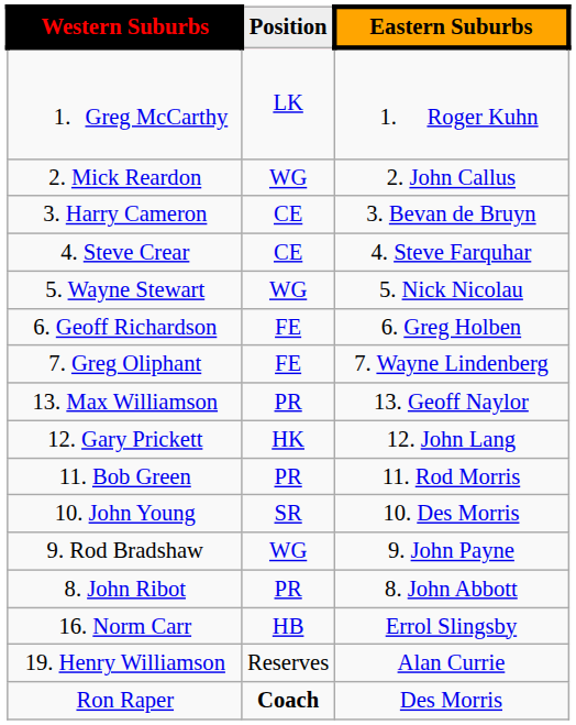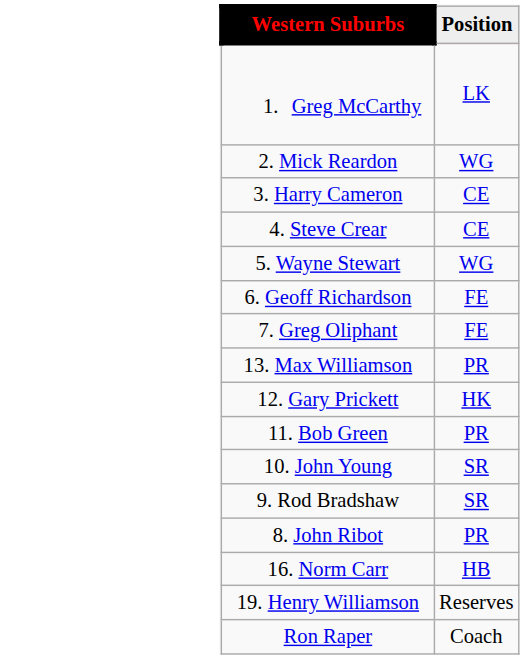 <table class="wikitable" style="float:right; font-size:90%; margin-left:1em;">
 <tr style="background:#f03;">
 <th align="centre" style="width:140px; border:3px solid black; background: black; color: Red">Western Suburbs</th>
 <th style="width:40px; text-align:center; background:#eee; color:black;">Position</th>
-<th align="centre" style="width:140px; border:3px solid black; background: orange; color: black">Eastern Suburbs</th>
 </tr>
 <tr align=center>
 <td><br><ol><li><a href='#'>Greg McCarthy</a></li></ol></td>
 <td><a href='#'>LK</a></td>
-<td><br><ol><li><a href='#'>Roger Kuhn</a></li></ol></td>
 </tr>
 <tr align=center>
 <td>2. <a href='#'>Mick Reardon</a></td>
 <td><a href='#'>WG</a></td>
-<td>2. <a href='#'>John Callus</a></td>
 </tr>
 <tr align=center>
 <td>3. <a href='#'>Harry Cameron</a></td>
 <td><a href='#'>CE</a></td>
-<td>3. <a href='#'>Bevan de Bruyn</a></td>
 </tr>
 <tr align=center>
 <td>4. <a href='#'>Steve Crear</a></td>
 <td><a href='#'>CE</a></td>
-<td>4. <a href='#'>Steve Farquhar</a></td>
 </tr>
 <tr align=center>
 <td>5. <a href='#'>Wayne Stewart</a></td>
 <td><a href='#'>WG</a></td>
-<td>5. <a href='#'>Nick Nicolau</a></td>
 </tr>
 <tr align=center>
 <td>6. <a href='#'>Geoff Richardson</a></td>
 <td><a href='#'>FE</a></td>
-<td>6. <a href='#'>Greg Holben</a></td>
 </tr>
 <tr align=center>
 <td>7. <a href='#'>Greg Oliphant</a></td>
 <td><a href='#'>FE</a></td>
-<td>7. <a href='#'>Wayne Lindenberg</a></td>
 </tr>
 <tr align=center>
 <td>13. <a href='#'>Max Williamson</a></td>
 <td><a href='#'>PR</a></td>
-<td>13. <a href='#'>Geoff Naylor</a></td>
 </tr>
 <tr align=center>
 <td>12. <a href='#'>Gary Prickett</a></td>
 <td><a href='#'>HK</a></td>
-<td>12. <a href='#'>John Lang</a></td>
 </tr>
 <tr align=center>
 <td>11. <a href='#'>Bob Green</a></td>
 <td><a href='#'>PR</a></td>
-<td>11. <a href='#'>Rod Morris</a></td>
 </tr>
 <tr align=center>
 <td>10. <a href='#'>John Young</a></td>
 <td><a href='#'>SR</a></td>
-<td>10. <a href='#'>Des Morris</a></td>
 </tr>
 <tr align=center>
 <td>9. Rod Bradshaw</td>
-<td><a href='#'>WG</a></td>
-<td>9. <a href='#'>John Payne</a></td>
+<td><a href='#'>SR</a></td>
 </tr>
 <tr align=center>
 <td>8. <a href='#'>John Ribot</a></td>
 <td><a href='#'>PR</a></td>
-<td>8. <a href='#'>John Abbott</a></td>
 </tr>
 <tr align=center>
 <td>16. <a href='#'>Norm Carr</a></td>
 <td><a href='#'>HB</a></td>
-<td><a href='#'>Errol Slingsby</a></td>
 </tr>
 <tr align=center>
 <td>19. <a href='#'>Henry Williamson</a></td>
 <td>Reserves</td>
-<td><a href='#'>Alan Currie</a></td>
 </tr>
 <tr align=center>
 <td><a href='#'>Ron Raper</a></td>
-<td><strong>Coach</strong></td>
-<td><a href='#'>Des Morris</a></td>
+<td>Coach</td>
 </tr>
 </table>
